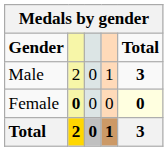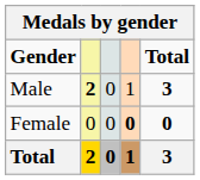 <table class="wikitable" style="text-align:center;font-size:90%">
 <tr style="background:#efefef;">
 <th colspan=7>Medals by gender</th>
 </tr>
 <tr>
 <td><strong>Gender</strong></td>
 <td bgcolor=#f7f6a8></td>
 <td bgcolor=#dce5e5></td>
 <td bgcolor=#ffdab9></td>
 <td><strong>Total</strong></td>
 </tr>
 <tr>
 <td style="text-align:left;">Male</td>
-<td style="background:#F7F6A8;">2</td>
+<td style="background:#F7F6A8;"><strong>2</strong></td>
 <td style="background:#DCE5E5;">0</td>
 <td style="background:#FFDAB9;">1</td>
 <td><strong>3</strong></td>
 </tr>
 <tr>
 <td style="text-align:left;">Female</td>
-<td style="background:#F7F6A8;"><strong>0</strong></td>
+<td style="background:#F7F6A8;">0</td>
 <td style="background:#DCE5E5;">0</td>
-<td style="background:#FFDAB9;">0</td>
-<td style="background: lightyellow;"><strong>0</strong></td>
+<td style="background:#FFDAB9;"><strong>0</strong></td>
+<td><strong>0</strong></td>
 </tr>
 <tr>
 <th style="text-align:left;">Total</th>
 <th style="background:gold;">2</th>
 <th style="background:silver;">0</th>
 <th style="background:#c96;">1</th>
 <th>3</th>
 </tr>
 </table>
